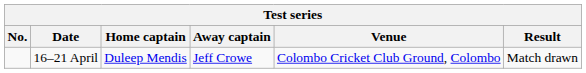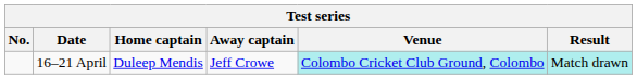 <table class="wikitable">
 <tr>
 <th colspan="9">Test series</th>
 </tr>
 <tr>
 <th>No.</th>
 <th>Date</th>
 <th>Home captain</th>
 <th>Away captain</th>
 <th>Venue</th>
 <th>Result</th>
 </tr>
 <tr>
 <td></td>
 <td>16–21 April</td>
 <td><a href='#'>Duleep Mendis</a></td>
 <td><a href='#'>Jeff Crowe</a></td>
-<td><a href='#'>Colombo Cricket Club Ground</a>, <a href='#'>Colombo</a></td>
-<td>Match drawn</td>
+<td style="background: paleturquoise;"><a href='#'>Colombo Cricket Club Ground</a>, <a href='#'>Colombo</a></td>
+<td style="background: paleturquoise;">Match drawn</td>
 </tr>
 </table>
